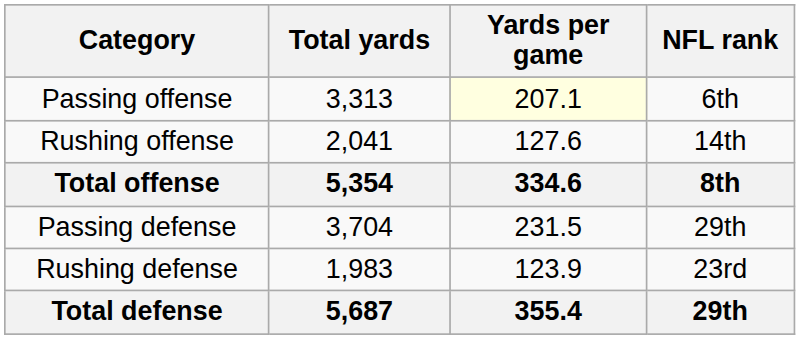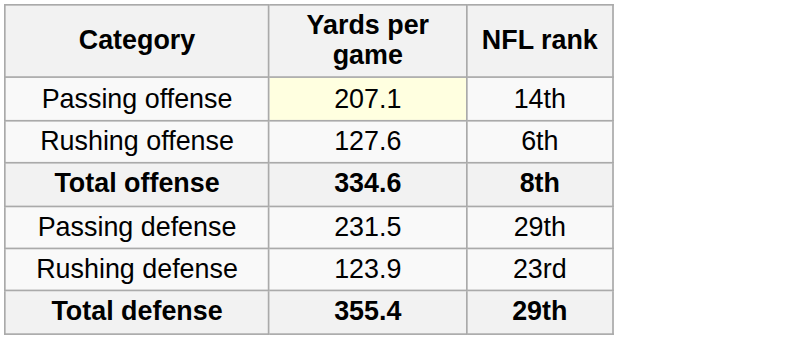 <table class="wikitable" style="text-align:center">
 <tr>
 <th width=150px>Category</th>
-<th width=100px>Total yards</th>
 <th width=110px>Yards per game</th>
 <th width=80px>NFL rank<br></th>
 </tr>
 <tr>
 <td>Passing offense</td>
-<td>3,313</td>
 <td style="background: lightyellow;">207.1</td>
+<td>14th</td>
+</tr>
+<tr>
+<td>Rushing offense</td>
+<td>127.6</td>
 <td>6th</td>
 </tr>
 <tr>
-<td>Rushing offense</td>
-<td>2,041</td>
-<td>127.6</td>
-<td>14th</td>
-</tr>
-<tr>
 <th>Total offense</th>
-<th>5,354</th>
 <th>334.6</th>
 <th>8th</th>
 </tr>
 <tr>
 <td>Passing defense</td>
-<td>3,704</td>
 <td>231.5</td>
 <td>29th</td>
 </tr>
 <tr>
 <td>Rushing defense</td>
-<td>1,983</td>
 <td>123.9</td>
 <td>23rd</td>
 </tr>
 <tr>
 <th>Total defense</th>
-<th>5,687</th>
 <th>355.4</th>
 <th>29th</th>
 </tr>
 </table>
